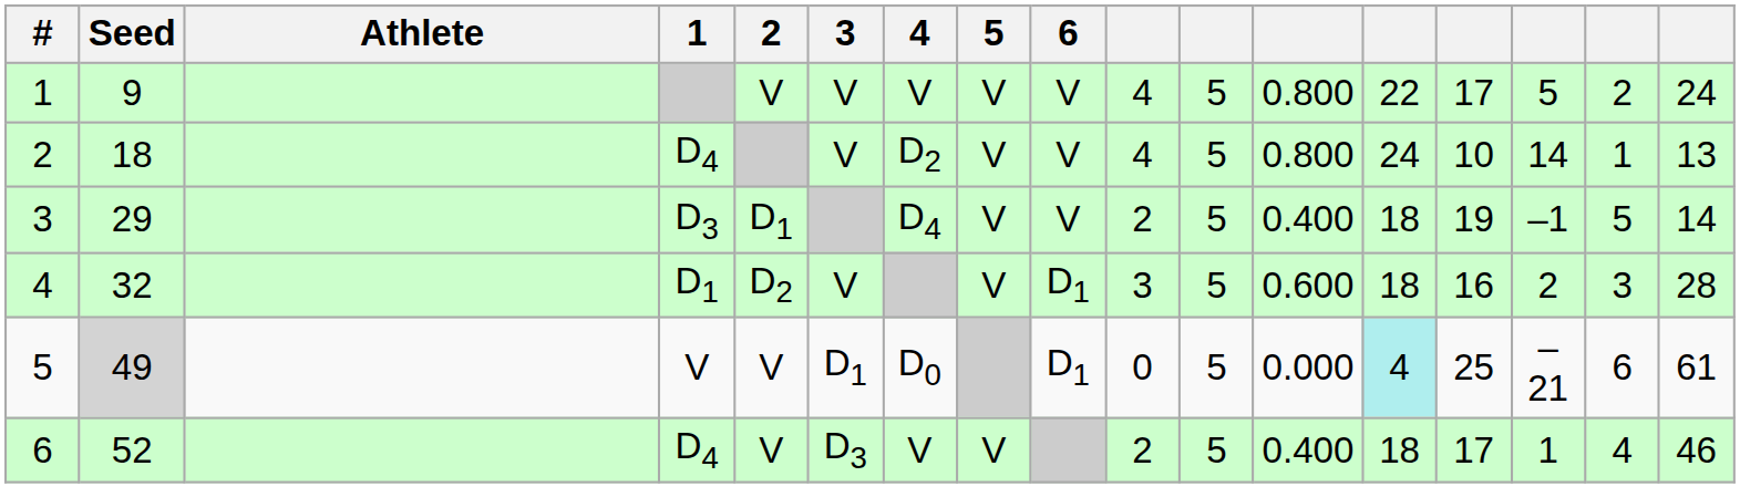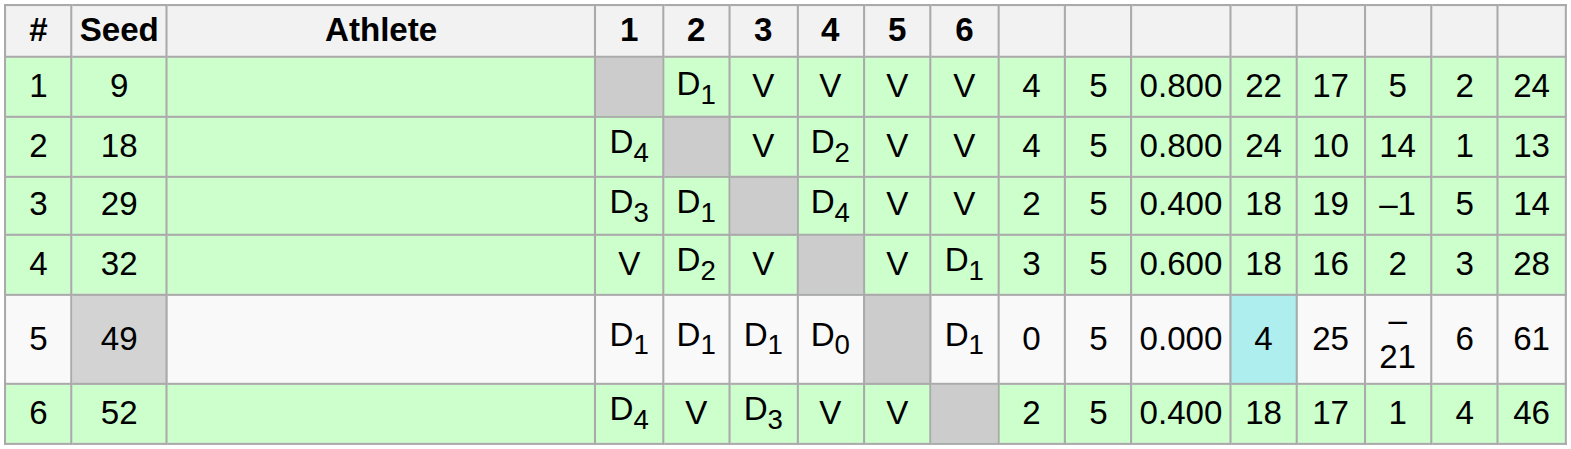 <table class="wikitable" style="text-align:center">
 <tr>
 <th width="25">#</th>
 <th width="25">Seed</th>
 <th width="200">Athlete</th>
 <th width="25">1</th>
 <th width="25">2</th>
 <th width="25">3</th>
 <th width="25">4</th>
 <th width="25">5</th>
 <th width="25">6</th>
 <th width="25"></th>
 <th width="25"></th>
 <th width="40"></th>
 <th width="25"></th>
 <th width="25"></th>
 <th width="25"></th>
 <th width="25"></th>
 <th width="25"></th>
 </tr>
 <tr bgcolor="#ccffcc">
 <td>1</td>
 <td>9</td>
 <td align=left></td>
 <td bgcolor="#cccccc"></td>
-<td>V</td>
+<td>D<sub>1</sub></td>
 <td>V</td>
 <td>V</td>
 <td>V</td>
 <td>V</td>
 <td>4</td>
 <td>5</td>
 <td>0.800</td>
 <td>22</td>
 <td>17</td>
 <td>5</td>
 <td>2</td>
 <td>24</td>
 </tr>
 <tr bgcolor="#ccffcc">
 <td>2</td>
 <td>18</td>
 <td align=left></td>
 <td>D<sub>4</sub></td>
 <td bgcolor="#cccccc"></td>
 <td>V</td>
 <td>D<sub>2</sub></td>
 <td>V</td>
 <td>V</td>
 <td>4</td>
 <td>5</td>
 <td>0.800</td>
 <td>24</td>
 <td>10</td>
 <td>14</td>
 <td>1</td>
 <td>13</td>
 </tr>
 <tr bgcolor="#ccffcc">
 <td>3</td>
 <td>29</td>
 <td align=left></td>
 <td>D<sub>3</sub></td>
 <td>D<sub>1</sub></td>
 <td bgcolor="#cccccc"></td>
 <td>D<sub>4</sub></td>
 <td>V</td>
 <td>V</td>
 <td>2</td>
 <td>5</td>
 <td>0.400</td>
 <td>18</td>
 <td>19</td>
 <td>–1</td>
 <td>5</td>
 <td>14</td>
 </tr>
 <tr bgcolor="#ccffcc">
 <td>4</td>
 <td>32</td>
 <td align=left></td>
-<td>D<sub>1</sub></td>
+<td>V</td>
 <td>D<sub>2</sub></td>
 <td>V</td>
 <td bgcolor="#cccccc"></td>
 <td>V</td>
 <td>D<sub>1</sub></td>
 <td>3</td>
 <td>5</td>
 <td>0.600</td>
 <td>18</td>
 <td>16</td>
 <td>2</td>
 <td>3</td>
 <td>28</td>
 </tr>
 <tr>
 <td>5</td>
 <td style="background: lightgrey;">49</td>
 <td align=left></td>
-<td>V</td>
-<td>V</td>
+<td>D<sub>1</sub></td>
+<td>D<sub>1</sub></td>
 <td>D<sub>1</sub></td>
 <td>D<sub>0</sub></td>
 <td bgcolor="#cccccc"></td>
 <td>D<sub>1</sub></td>
 <td>0</td>
 <td>5</td>
 <td>0.000</td>
 <td style="background: paleturquoise;">4</td>
 <td>25</td>
 <td>–21</td>
 <td>6</td>
 <td>61</td>
 </tr>
 <tr bgcolor="#ccffcc">
 <td>6</td>
 <td>52</td>
 <td align=left></td>
 <td>D<sub>4</sub></td>
 <td>V</td>
 <td>D<sub>3</sub></td>
 <td>V</td>
 <td>V</td>
 <td bgcolor="#cccccc"></td>
 <td>2</td>
 <td>5</td>
 <td>0.400</td>
 <td>18</td>
 <td>17</td>
 <td>1</td>
 <td>4</td>
 <td>46</td>
 </tr>
 </table>
